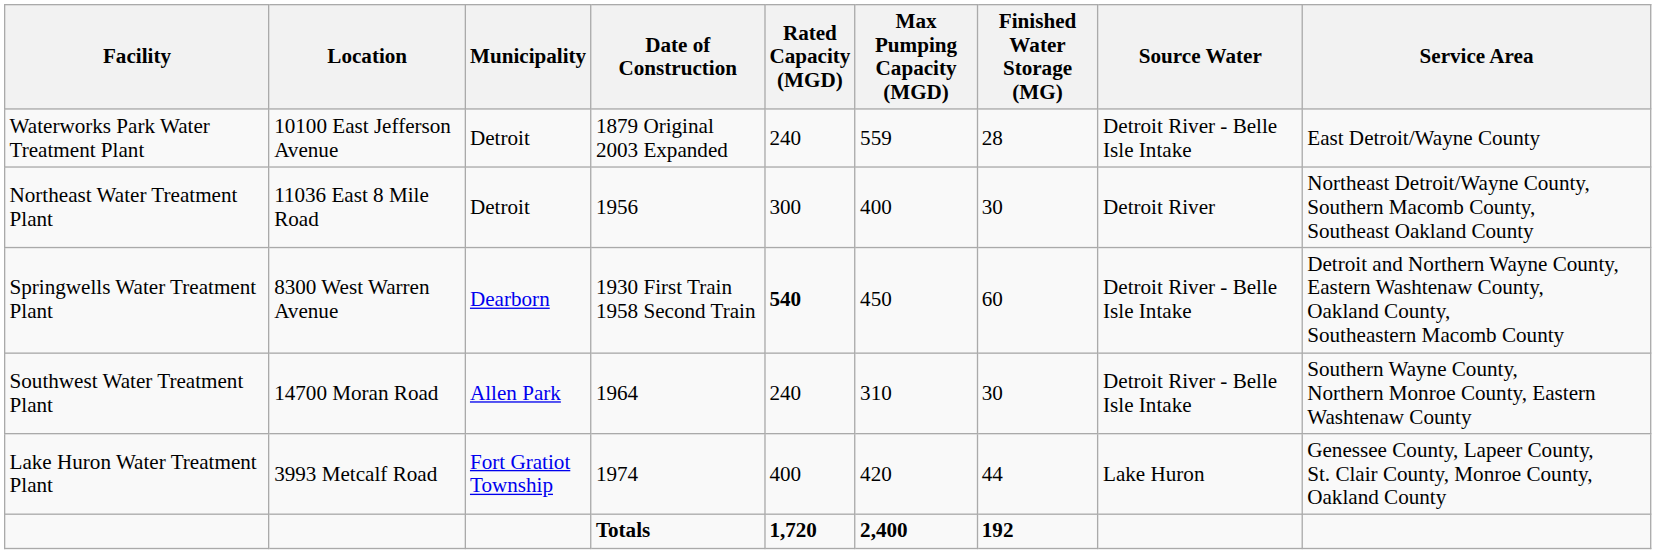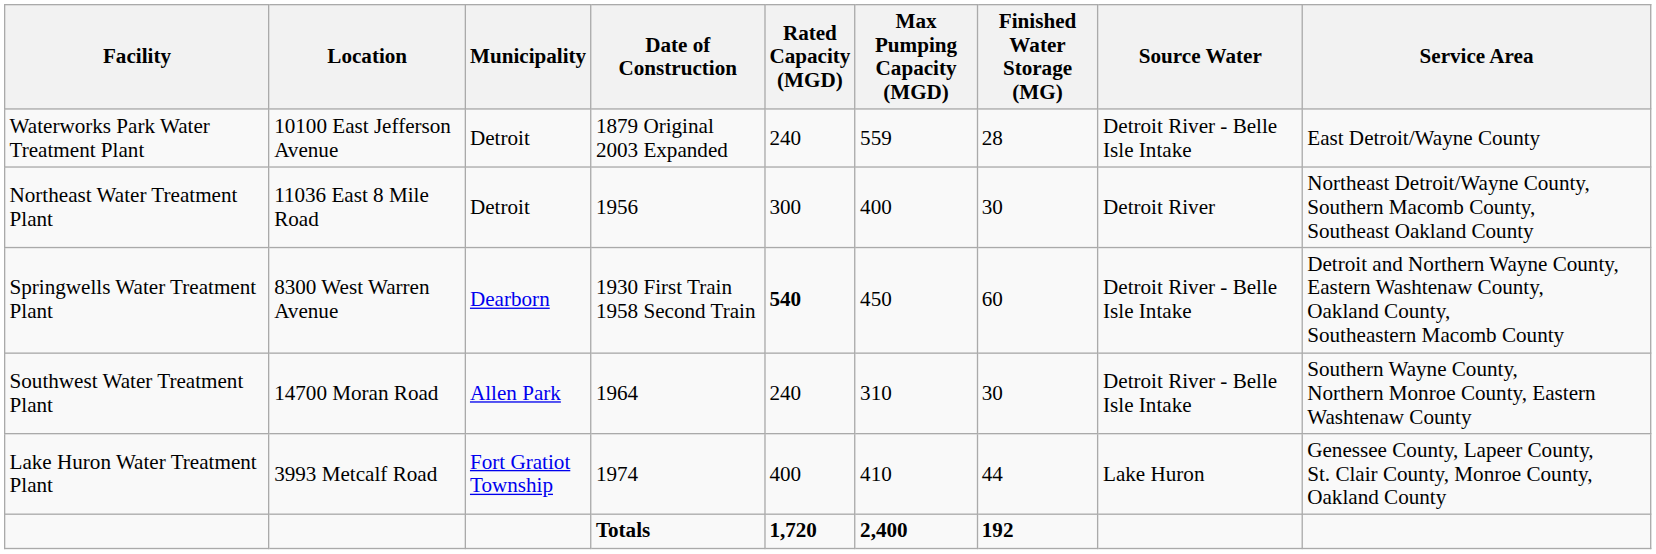 <table class="wikitable">
 <tr>
 <th>Facility</th>
 <th>Location</th>
 <th>Municipality</th>
 <th>Date of Construction</th>
 <th>Rated<br>Capacity<br>(MGD)</th>
 <th>Max Pumping<br>Capacity<br>(MGD)</th>
 <th>Finished<br>Water  Storage<br>(MG)</th>
 <th>Source Water</th>
 <th>Service Area</th>
 </tr>
 <tr>
 <td>Waterworks Park Water Treatment Plant</td>
 <td>10100 East Jefferson Avenue</td>
 <td>Detroit</td>
 <td>1879 Original<br>2003 Expanded</td>
 <td>240</td>
 <td>559</td>
 <td>28</td>
 <td>Detroit River - Belle Isle Intake</td>
 <td>East Detroit/Wayne County</td>
 </tr>
 <tr>
 <td>Northeast Water Treatment Plant</td>
 <td>11036 East 8 Mile Road</td>
 <td>Detroit</td>
 <td>1956</td>
 <td>300</td>
 <td>400</td>
 <td>30</td>
 <td>Detroit River</td>
 <td>Northeast Detroit/Wayne County,  <br>Southern Macomb County,<br>Southeast Oakland County</td>
 </tr>
 <tr>
 <td>Springwells Water Treatment Plant</td>
 <td>8300 West Warren Avenue</td>
 <td><a href='#'>Dearborn</a></td>
 <td>1930 First Train<br>1958 Second Train</td>
 <td><strong>540</strong></td>
 <td>450</td>
 <td>60</td>
 <td>Detroit River - Belle Isle Intake</td>
 <td>Detroit and Northern Wayne County,<br>Eastern Washtenaw County,<br>Oakland County,<br>Southeastern Macomb County</td>
 </tr>
 <tr>
 <td>Southwest Water Treatment Plant</td>
 <td>14700 Moran Road</td>
 <td><a href='#'>Allen Park</a></td>
 <td>1964</td>
 <td>240</td>
 <td>310</td>
 <td>30</td>
 <td>Detroit River - Belle Isle Intake</td>
 <td>Southern Wayne County,<br>Northern Monroe County,  Eastern Washtenaw County</td>
 </tr>
 <tr>
 <td>Lake Huron Water Treatment Plant</td>
 <td>3993 Metcalf Road</td>
 <td><a href='#'>Fort Gratiot</a><br><a href='#'>Township</a></td>
 <td>1974</td>
 <td>400</td>
-<td>420</td>
+<td>410</td>
 <td>44</td>
 <td>Lake Huron</td>
 <td>Genessee County, Lapeer County,<br>St. Clair County,  Monroe County, Oakland County</td>
 </tr>
 <tr>
 <td></td>
 <td></td>
 <td></td>
 <td><strong>Totals</strong></td>
 <td><strong>1,720</strong></td>
 <td><strong>2,400</strong></td>
 <td><strong>192</strong></td>
 <td></td>
 <td></td>
 </tr>
 </table>
